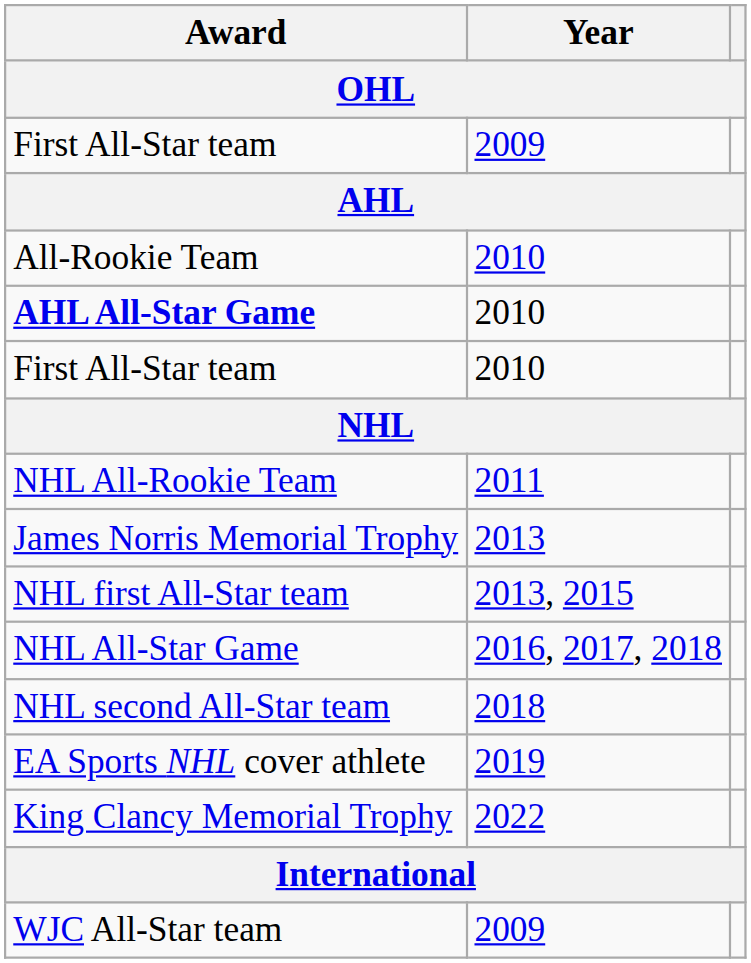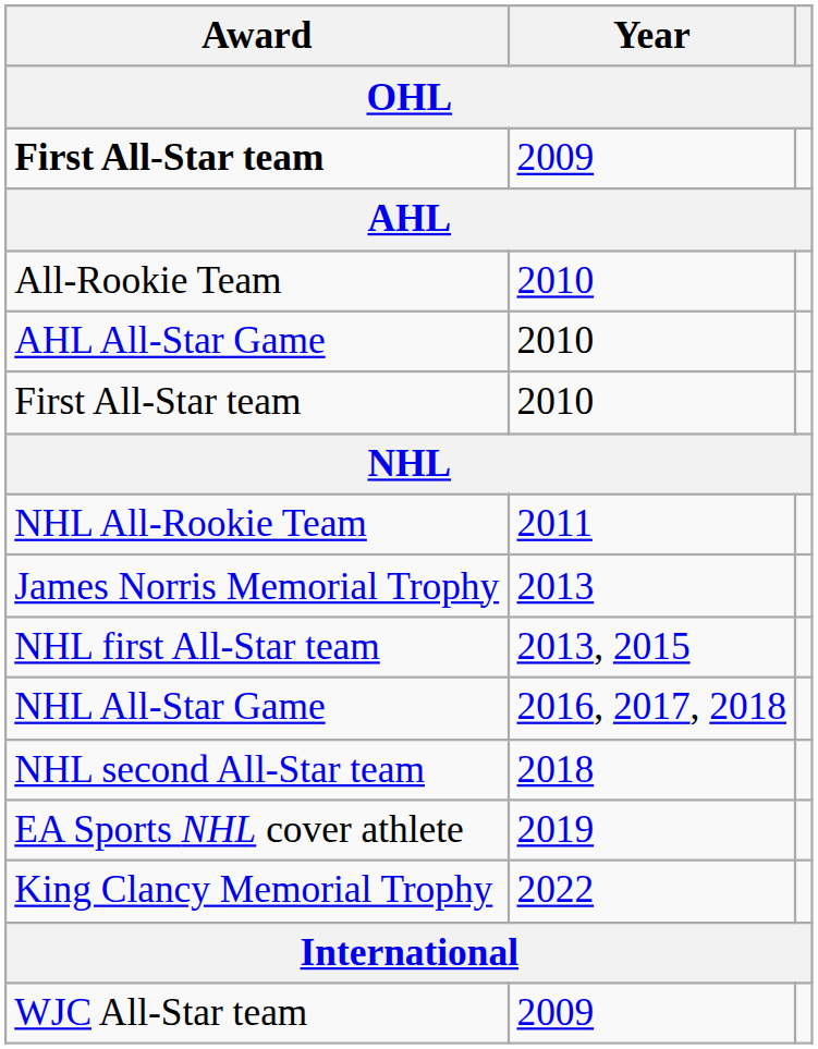 <table class="wikitable">
 <tr>
 <th>Award</th>
 <th>Year</th>
 <th></th>
 </tr>
 <tr ALIGN="center" bgcolor="#e0e0e0">
 <th colspan="3"><a href='#'>OHL</a></th>
 </tr>
 <tr>
-<td>First All-Star team</td>
+<td><strong>First All-Star team</strong></td>
 <td><a href='#'>2009</a></td>
 <td></td>
 </tr>
 <tr ALIGN="center" bgcolor="#e0e0e0">
 <th colspan="3"><a href='#'>AHL</a></th>
 </tr>
 <tr>
 <td>All-Rookie Team</td>
 <td><a href='#'>2010</a></td>
 <td></td>
 </tr>
 <tr>
-<td><strong><a href='#'>AHL All-Star Game</a></strong></td>
+<td><a href='#'>AHL All-Star Game</a></td>
 <td>2010</td>
 <td></td>
 </tr>
 <tr>
 <td>First All-Star team</td>
 <td>2010</td>
 <td></td>
 </tr>
 <tr ALIGN="center" bgcolor="#e0e0e0">
 <th colspan="3"><a href='#'>NHL</a></th>
 </tr>
 <tr>
 <td><a href='#'>NHL All-Rookie Team</a></td>
 <td><a href='#'>2011</a></td>
 <td></td>
 </tr>
 <tr>
 <td><a href='#'>James Norris Memorial Trophy</a></td>
 <td><a href='#'>2013</a></td>
 <td></td>
 </tr>
 <tr>
 <td><a href='#'>NHL first All-Star team</a></td>
 <td><a href='#'>2013</a>, <a href='#'>2015</a></td>
 <td></td>
 </tr>
 <tr>
 <td><a href='#'>NHL All-Star Game</a></td>
 <td><a href='#'>2016</a>, <a href='#'>2017</a>, <a href='#'>2018</a></td>
 <td></td>
 </tr>
 <tr>
 <td><a href='#'>NHL second All-Star team</a></td>
 <td><a href='#'>2018</a></td>
 <td></td>
 </tr>
 <tr>
 <td><a href='#'>EA Sports <em>NHL</em></a> cover athlete</td>
 <td><a href='#'>2019</a></td>
 <td></td>
 </tr>
 <tr>
 <td><a href='#'>King Clancy Memorial Trophy</a></td>
 <td><a href='#'>2022</a></td>
 <td></td>
 </tr>
 <tr ALIGN="center" bgcolor="#e0e0e0">
 <th colspan="3"><a href='#'>International</a></th>
 </tr>
 <tr>
 <td><a href='#'>WJC</a> All-Star team</td>
 <td><a href='#'>2009</a></td>
 <td></td>
 </tr>
 </table>
